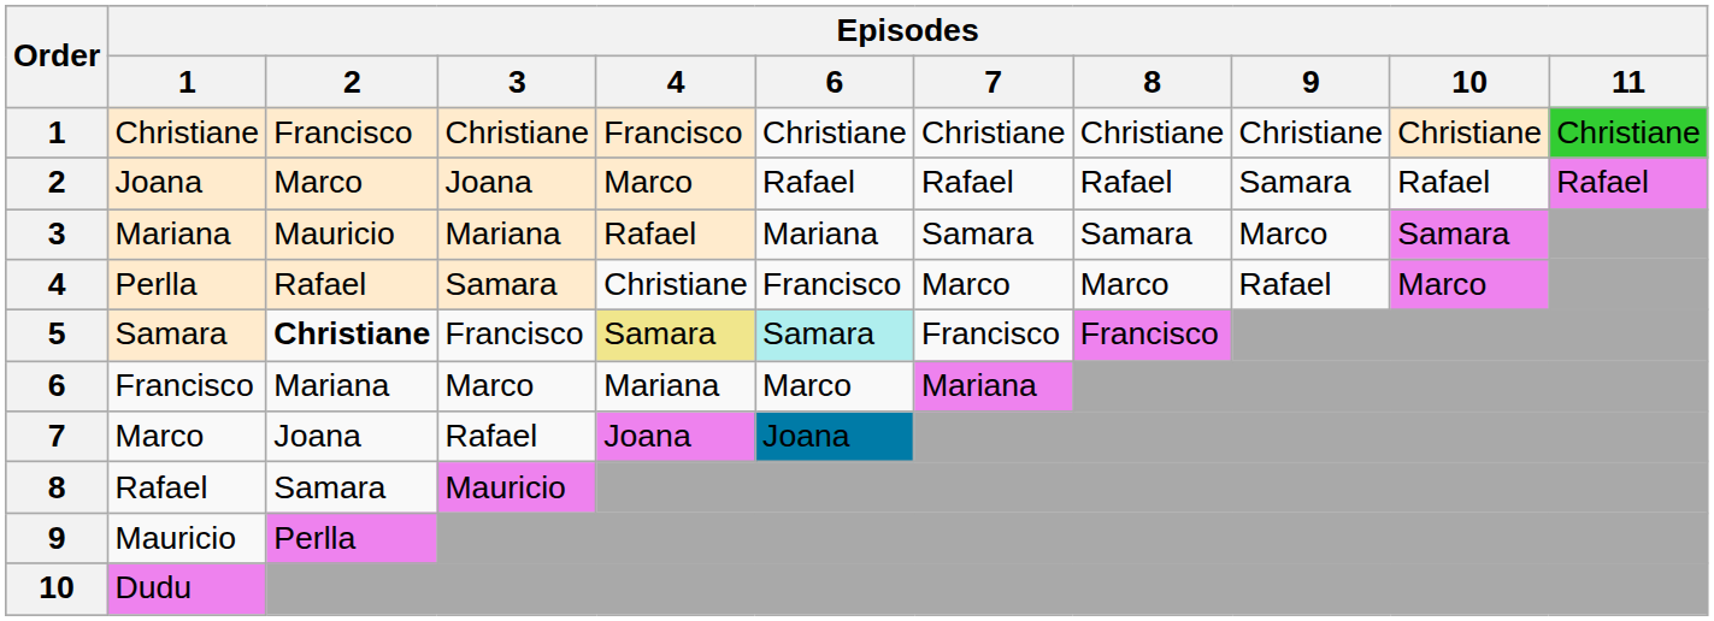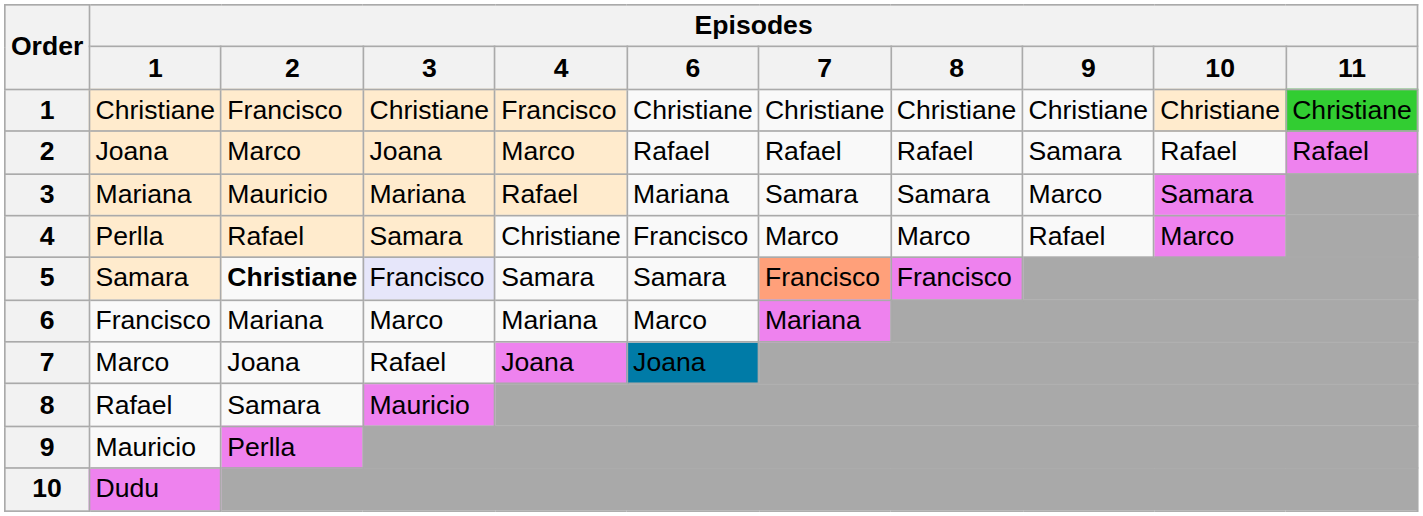 <table class="wikitable">
 <tr>
 <th rowspan=2>Order</th>
 <th colspan=13>Episodes</th>
 </tr>
 <tr>
 <th>1</th>
 <th>2</th>
 <th>3</th>
 <th>4</th>
 <th>6</th>
 <th>7</th>
 <th>8</th>
 <th>9</th>
 <th>10</th>
 <th>11</th>
 </tr>
 <tr>
 <th>1</th>
 <td bgcolor="FFEBCD">Christiane</td>
 <td bgcolor="FFEBCD">Francisco</td>
 <td bgcolor="FFEBCD">Christiane</td>
 <td bgcolor="FFEBCD">Francisco</td>
 <td>Christiane</td>
 <td>Christiane</td>
 <td>Christiane</td>
 <td>Christiane</td>
 <td bgcolor="FFEBCD">Christiane</td>
 <td bgcolor="32CD32">Christiane</td>
 </tr>
 <tr>
 <th>2</th>
 <td bgcolor="FFEBCD">Joana</td>
 <td bgcolor="FFEBCD">Marco</td>
 <td bgcolor="FFEBCD">Joana</td>
 <td bgcolor="FFEBCD">Marco</td>
 <td>Rafael</td>
 <td>Rafael</td>
 <td>Rafael</td>
 <td>Samara</td>
 <td>Rafael</td>
 <td bgcolor="EE82EE">Rafael</td>
 </tr>
 <tr>
 <th>3</th>
 <td bgcolor="FFEBCD">Mariana</td>
 <td bgcolor="FFEBCD">Mauricio</td>
 <td bgcolor="FFEBCD">Mariana</td>
 <td bgcolor="FFEBCD">Rafael</td>
 <td>Mariana</td>
 <td>Samara</td>
 <td>Samara</td>
 <td>Marco</td>
 <td bgcolor="EE82EE">Samara</td>
 <td bgcolor="A9A9A9" colspan=1></td>
 </tr>
 <tr>
 <th>4</th>
 <td bgcolor="FFEBCD">Perlla</td>
 <td bgcolor="FFEBCD">Rafael</td>
 <td bgcolor="FFEBCD">Samara</td>
 <td>Christiane</td>
 <td>Francisco</td>
 <td>Marco</td>
 <td>Marco</td>
 <td>Rafael</td>
 <td bgcolor="EE82EE">Marco</td>
 <td bgcolor="A9A9A9" colspan=1></td>
 </tr>
 <tr>
 <th>5</th>
 <td bgcolor="FFEBCD">Samara</td>
 <td><strong>Christiane</strong></td>
-<td>Francisco</td>
-<td style="background: khaki;">Samara</td>
-<td style="background: paleturquoise;">Samara</td>
-<td>Francisco</td>
+<td style="background: lavender;">Francisco</td>
+<td>Samara</td>
+<td>Samara</td>
+<td style="background: lightsalmon;">Francisco</td>
 <td bgcolor="EE82EE">Francisco</td>
 <td bgcolor="A9A9A9" colspan=3></td>
 </tr>
 <tr>
 <th>6</th>
 <td>Francisco</td>
 <td>Mariana</td>
 <td>Marco</td>
 <td>Mariana</td>
 <td>Marco</td>
 <td bgcolor="EE82EE">Mariana</td>
 <td bgcolor="A9A9A9" colspan=4></td>
 </tr>
 <tr>
 <th>7</th>
 <td>Marco</td>
 <td>Joana</td>
 <td>Rafael</td>
 <td bgcolor="EE82EE">Joana</td>
 <td bgcolor="007BA7"><span>Joana</span></td>
 <td bgcolor="A9A9A9" colspan=5></td>
 </tr>
 <tr>
 <th>8</th>
 <td>Rafael</td>
 <td>Samara</td>
 <td bgcolor="EE82EE">Mauricio</td>
 <td bgcolor="A9A9A9" colspan=7></td>
 </tr>
 <tr>
 <th>9</th>
 <td>Mauricio</td>
 <td bgcolor="EE82EE">Perlla</td>
 <td bgcolor="A9A9A9" colspan=8></td>
 </tr>
 <tr>
 <th>10</th>
 <td bgcolor="EE82EE">Dudu</td>
 <td bgcolor="A9A9A9" colspan=9></td>
 </tr>
 </table>
